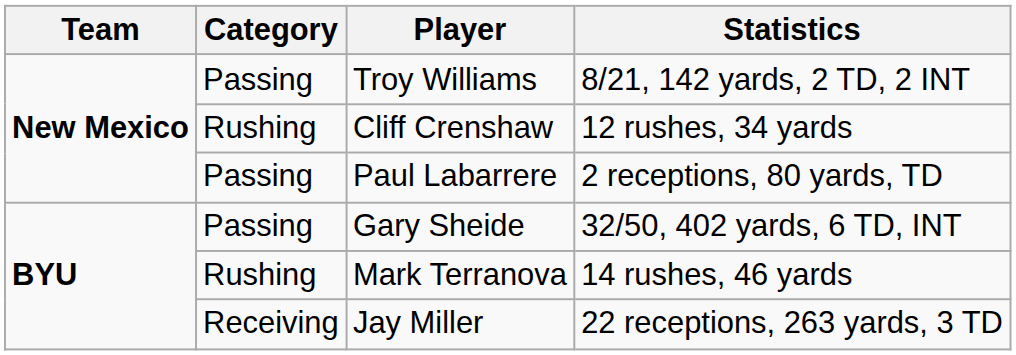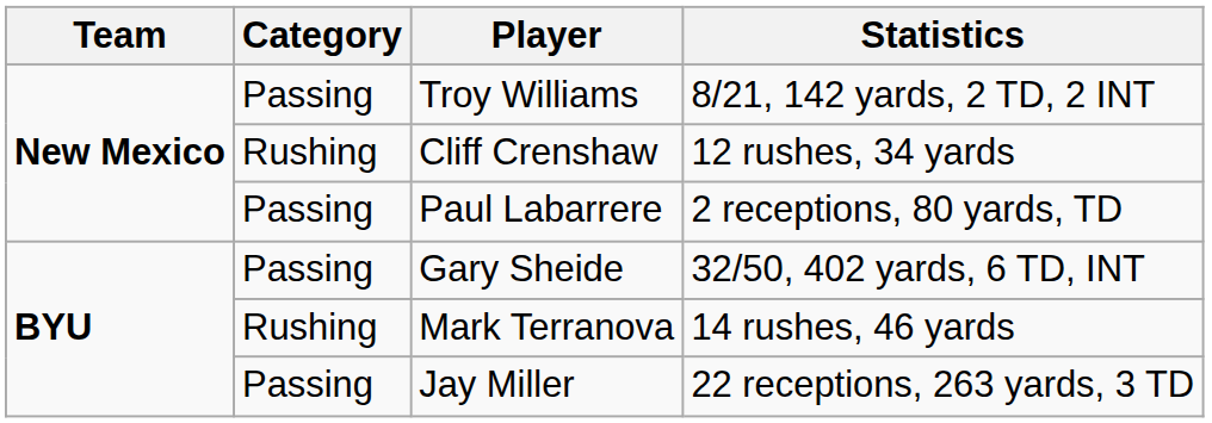 <table class="wikitable" style="float: left;">
 <tr>
 <th>Team</th>
 <th>Category</th>
 <th>Player</th>
 <th>Statistics</th>
 </tr>
 <tr>
 <td rowspan=3><strong>New Mexico</strong></td>
 <td>Passing</td>
 <td>Troy Williams</td>
 <td>8/21, 142 yards, 2 TD, 2 INT</td>
 </tr>
 <tr>
 <td>Rushing</td>
 <td>Cliff Crenshaw</td>
 <td>12 rushes, 34 yards</td>
 </tr>
 <tr>
 <td>Passing</td>
 <td>Paul Labarrere</td>
 <td>2 receptions, 80 yards, TD</td>
 </tr>
 <tr>
 <td rowspan=3><strong>BYU</strong></td>
 <td>Passing</td>
 <td>Gary Sheide</td>
 <td>32/50, 402 yards, 6 TD, INT</td>
 </tr>
 <tr>
 <td>Rushing</td>
 <td>Mark Terranova</td>
 <td>14 rushes, 46 yards</td>
 </tr>
 <tr>
-<td>Receiving</td>
+<td>Passing</td>
 <td>Jay Miller</td>
 <td>22 receptions, 263 yards, 3 TD</td>
 </tr>
 </table>
